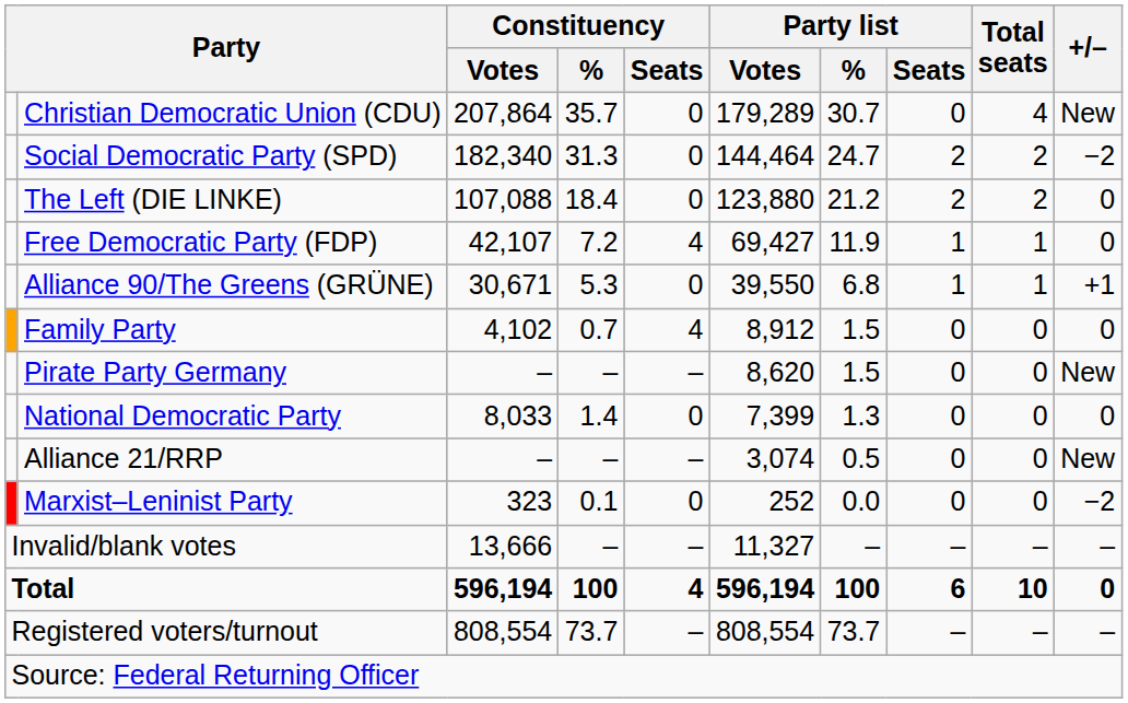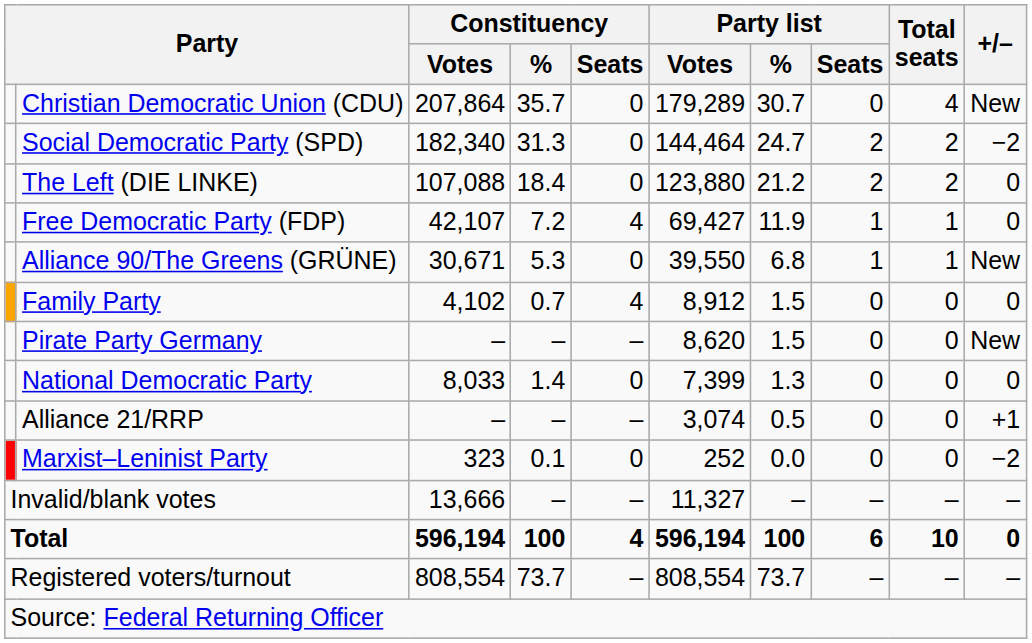 <table class="wikitable" style="text-align:right">
 <tr>
 <th colspan="2" rowspan="2">Party</th>
 <th colspan="3">Constituency</th>
 <th colspan="3">Party list</th>
 <th rowspan="2">Total<br>seats</th>
 <th rowspan="2">+/–</th>
 </tr>
 <tr>
 <th>Votes</th>
 <th>%</th>
 <th>Seats</th>
 <th>Votes</th>
 <th>%</th>
 <th>Seats</th>
 </tr>
 <tr>
 <td></td>
 <td align="left"><a href='#'>Christian Democratic Union</a> (CDU)</td>
 <td>207,864</td>
 <td>35.7</td>
 <td>0</td>
 <td>179,289</td>
 <td>30.7</td>
 <td>0</td>
 <td>4</td>
 <td>New</td>
 </tr>
 <tr>
 <td></td>
 <td align="left"><a href='#'>Social Democratic Party</a> (SPD)</td>
 <td>182,340</td>
 <td>31.3</td>
 <td>0</td>
 <td>144,464</td>
 <td>24.7</td>
 <td>2</td>
 <td>2</td>
 <td>−2</td>
 </tr>
 <tr>
 <td></td>
 <td align="left"><a href='#'>The Left</a> (DIE LINKE)</td>
 <td>107,088</td>
 <td>18.4</td>
 <td>0</td>
 <td>123,880</td>
 <td>21.2</td>
 <td>2</td>
 <td>2</td>
 <td>0</td>
 </tr>
 <tr>
 <td></td>
 <td align="left"><a href='#'>Free Democratic Party</a> (FDP)</td>
 <td>42,107</td>
 <td>7.2</td>
 <td>4</td>
 <td>69,427</td>
 <td>11.9</td>
 <td>1</td>
 <td>1</td>
 <td>0</td>
 </tr>
 <tr>
 <td></td>
 <td align="left"><a href='#'>Alliance 90/The Greens</a> (GRÜNE)</td>
 <td>30,671</td>
 <td>5.3</td>
 <td>0</td>
 <td>39,550</td>
 <td>6.8</td>
 <td>1</td>
 <td>1</td>
-<td>+1</td>
+<td>New</td>
 </tr>
 <tr>
 <td style="background-color:#FFA500"></td>
 <td align="left"><a href='#'>Family Party</a></td>
 <td>4,102</td>
 <td>0.7</td>
 <td>4</td>
 <td>8,912</td>
 <td>1.5</td>
 <td>0</td>
 <td>0</td>
 <td>0</td>
 </tr>
 <tr>
 <td style="background-color:"></td>
 <td align="left"><a href='#'>Pirate Party Germany</a></td>
 <td>–</td>
 <td>–</td>
 <td>–</td>
 <td>8,620</td>
 <td>1.5</td>
 <td>0</td>
 <td>0</td>
 <td>New</td>
 </tr>
 <tr>
 <td style="background-color:"></td>
 <td align="left"><a href='#'>National Democratic Party</a></td>
 <td>8,033</td>
 <td>1.4</td>
 <td>0</td>
 <td>7,399</td>
 <td>1.3</td>
 <td>0</td>
 <td>0</td>
 <td>0</td>
 </tr>
 <tr>
 <td></td>
 <td align="left">Alliance 21/RRP</td>
 <td>–</td>
 <td>–</td>
 <td>–</td>
 <td>3,074</td>
 <td>0.5</td>
 <td>0</td>
 <td>0</td>
-<td>New</td>
+<td>+1</td>
 </tr>
 <tr>
 <td style="background-color:red"></td>
 <td align="left"><a href='#'>Marxist–Leninist Party</a></td>
 <td>323</td>
 <td>0.1</td>
 <td>0</td>
 <td>252</td>
 <td>0.0</td>
 <td>0</td>
 <td>0</td>
 <td>−2</td>
 </tr>
 <tr>
 <td colspan="2" align="left">Invalid/blank votes</td>
 <td>13,666</td>
 <td>–</td>
 <td>–</td>
 <td>11,327</td>
 <td>–</td>
 <td>–</td>
 <td>–</td>
 <td>–</td>
 </tr>
 <tr>
 <td colspan="2" align="left"><strong>Total</strong></td>
 <td><strong>596,194</strong></td>
 <td><strong>100</strong></td>
 <td><strong>4</strong></td>
 <td><strong>596,194</strong></td>
 <td><strong>100</strong></td>
 <td><strong>6</strong></td>
 <td><strong>10</strong></td>
 <td><strong>0</strong></td>
 </tr>
 <tr>
 <td colspan="2" align="left">Registered voters/turnout</td>
 <td>808,554</td>
 <td>73.7</td>
 <td>–</td>
 <td>808,554</td>
 <td>73.7</td>
 <td>–</td>
 <td>–</td>
 <td>–</td>
 </tr>
 <tr>
 <td colspan="10" align="left">Source: <a href='#'>Federal Returning Officer</a></td>
 </tr>
 </table>
